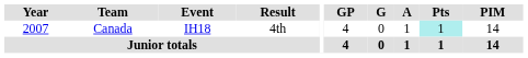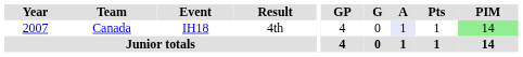 <table border="0" cellpadding="1" cellspacing="0" ID="Table3" style="text-align:center; width:40em">
 <tr bgcolor="#e0e0e0">
 <th>Year</th>
 <th>Team</th>
 <th>Event</th>
 <th>Result</th>
 <th rowspan="99" bgcolor="#ffffff"></th>
 <th>GP</th>
 <th>G</th>
 <th>A</th>
 <th>Pts</th>
 <th>PIM</th>
 </tr>
 <tr>
 <td><a href='#'>2007</a></td>
 <td><a href='#'>Canada</a></td>
 <td><a href='#'>IH18</a></td>
 <td>4th</td>
 <td>4</td>
 <td>0</td>
+<td style="background: lavender;">1</td>
 <td>1</td>
-<td style="background: paleturquoise;">1</td>
-<td>14</td>
+<td style="background: lightgreen;">14</td>
 </tr>
 <tr bgcolor="#e0e0e0">
 <th colspan="4">Junior totals</th>
 <th>4</th>
 <th>0</th>
 <th>1</th>
 <th>1</th>
 <th>14</th>
 </tr>
 </table>
